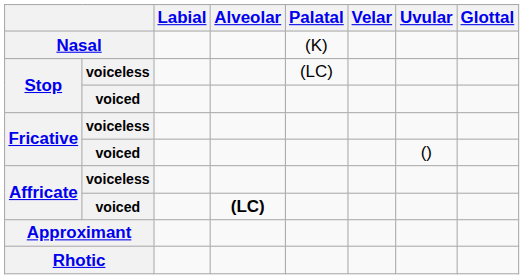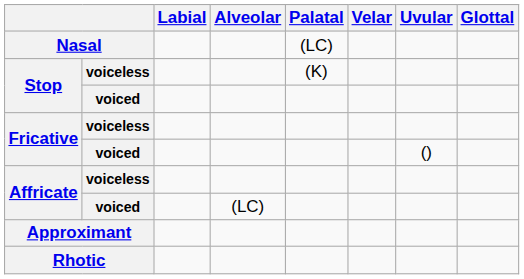 <table class="wikitable" style="text-align:center">
 <tr>
 <th colspan="2"></th>
 <th><a href='#'>Labial</a></th>
 <th><a href='#'>Alveolar</a></th>
 <th><a href='#'>Palatal</a></th>
 <th><a href='#'>Velar</a></th>
 <th><a href='#'>Uvular</a></th>
 <th><a href='#'>Glottal</a></th>
 </tr>
 <tr>
 <th colspan="2"><a href='#'>Nasal</a></th>
 <td></td>
 <td></td>
-<td> (K)</td>
+<td> (LC)</td>
 <td></td>
 <td></td>
 <td></td>
 </tr>
 <tr align="center">
 <th rowspan="2"><a href='#'>Stop</a></th>
 <th><small>voiceless</small></th>
 <td></td>
 <td></td>
-<td> (LC)</td>
+<td> (K)</td>
 <td></td>
 <td></td>
 <td></td>
 </tr>
 <tr>
 <th><small>voiced</small></th>
 <td></td>
 <td></td>
 <td></td>
 <td></td>
 <td></td>
 <td></td>
 </tr>
 <tr align="center">
 <th rowspan="2"><a href='#'>Fricative</a></th>
 <th><small>voiceless</small></th>
 <td></td>
 <td></td>
 <td></td>
 <td></td>
 <td></td>
 <td></td>
 </tr>
 <tr>
 <th><small>voiced</small></th>
 <td></td>
 <td></td>
 <td></td>
 <td></td>
 <td>()</td>
 <td></td>
 </tr>
 <tr align="center">
 <th rowspan="2"><a href='#'>Affricate</a></th>
 <th><small>voiceless</small></th>
 <td></td>
 <td></td>
 <td></td>
 <td></td>
 <td></td>
 <td></td>
 </tr>
 <tr>
 <th><small>voiced</small></th>
 <td></td>
-<td><strong> (LC)</strong></td>
+<td> (LC)</td>
 <td></td>
 <td></td>
 <td></td>
 <td></td>
 </tr>
 <tr align="center">
 <th colspan="2"><a href='#'>Approximant</a></th>
 <td></td>
 <td></td>
 <td></td>
 <td></td>
 <td></td>
 <td></td>
 </tr>
 <tr align="center">
 <th colspan="2"><a href='#'>Rhotic</a></th>
 <td></td>
 <td></td>
 <td></td>
 <td></td>
 <td></td>
 <td></td>
 </tr>
 </table>
